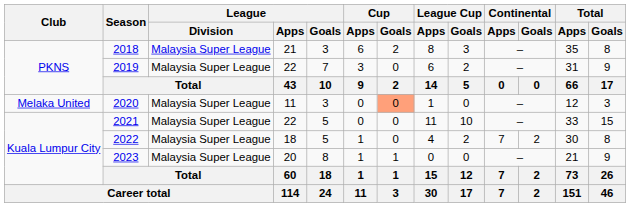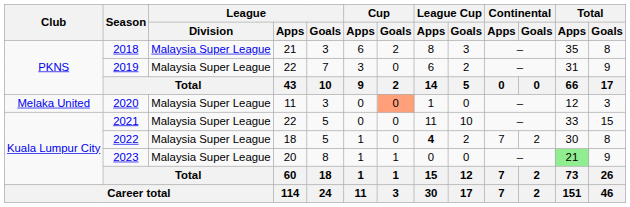 <table class=wikitable style="text-align:center">
 <tr>
 <th rowspan="2">Club</th>
 <th rowspan="2">Season</th>
 <th colspan="3">League</th>
 <th colspan="2">Cup</th>
 <th colspan="2">League Cup</th>
 <th colspan="2">Continental</th>
 <th colspan="2">Total</th>
 </tr>
 <tr>
 <th>Division</th>
 <th>Apps</th>
 <th>Goals</th>
 <th>Apps</th>
 <th>Goals</th>
 <th>Apps</th>
 <th>Goals</th>
 <th>Apps</th>
 <th>Goals</th>
 <th>Apps</th>
 <th>Goals</th>
 </tr>
 <tr>
 <td rowspan="3"><a href='#'>PKNS</a></td>
 <td><a href='#'>2018</a></td>
 <td><a href='#'>Malaysia Super League</a></td>
 <td>21</td>
 <td>3</td>
 <td>6</td>
 <td>2</td>
 <td>8</td>
 <td>3</td>
 <td colspan="2">–</td>
 <td>35</td>
 <td>8</td>
 </tr>
 <tr>
 <td><a href='#'>2019</a></td>
 <td>Malaysia Super League</td>
 <td>22</td>
 <td>7</td>
 <td>3</td>
 <td>0</td>
 <td>6</td>
 <td>2</td>
 <td colspan="2">–</td>
 <td>31</td>
 <td>9</td>
 </tr>
 <tr>
 <th colspan="2">Total</th>
 <th>43</th>
 <th>10</th>
 <th>9</th>
 <th>2</th>
 <th>14</th>
 <th>5</th>
 <th>0</th>
 <th>0</th>
 <th>66</th>
 <th>17</th>
 </tr>
 <tr>
 <td><a href='#'>Melaka United</a></td>
 <td><a href='#'>2020</a></td>
 <td>Malaysia Super League</td>
 <td>11</td>
 <td>3</td>
 <td>0</td>
 <td style="background: lightsalmon;">0</td>
 <td>1</td>
 <td>0</td>
 <td colspan="2">–</td>
 <td>12</td>
 <td>3</td>
 </tr>
 <tr>
 <td rowspan="4"><a href='#'>Kuala Lumpur City</a></td>
 <td><a href='#'>2021</a></td>
 <td>Malaysia Super League</td>
 <td>22</td>
 <td>5</td>
 <td>0</td>
 <td>0</td>
 <td>11</td>
 <td>10</td>
 <td colspan="2">–</td>
 <td>33</td>
 <td>15</td>
 </tr>
 <tr>
 <td><a href='#'>2022</a></td>
 <td>Malaysia Super League</td>
 <td>18</td>
 <td>5</td>
 <td>1</td>
 <td>0</td>
-<td>4</td>
+<td><strong>4</strong></td>
 <td>2</td>
 <td 2>7</td>
 <td>2</td>
 <td>30</td>
 <td>8</td>
 </tr>
 <tr>
 <td><a href='#'>2023</a></td>
 <td>Malaysia Super League</td>
 <td>20</td>
 <td>8</td>
 <td>1</td>
 <td>1</td>
 <td>0</td>
 <td>0</td>
 <td colspan="2">–</td>
-<td>21</td>
+<td style="background: lightgreen;">21</td>
 <td>9</td>
 </tr>
 <tr>
 <th colspan="2">Total</th>
 <th>60</th>
 <th>18</th>
 <th>1</th>
 <th>1</th>
 <th>15</th>
 <th>12</th>
 <th>7</th>
 <th>2</th>
 <th>73</th>
 <th>26</th>
 </tr>
 <tr>
 <th colspan="3">Career total</th>
 <th>114</th>
 <th>24</th>
 <th>11</th>
 <th>3</th>
 <th>30</th>
 <th>17</th>
 <th>7</th>
 <th>2</th>
 <th>151</th>
 <th>46</th>
 </tr>
 </table>
